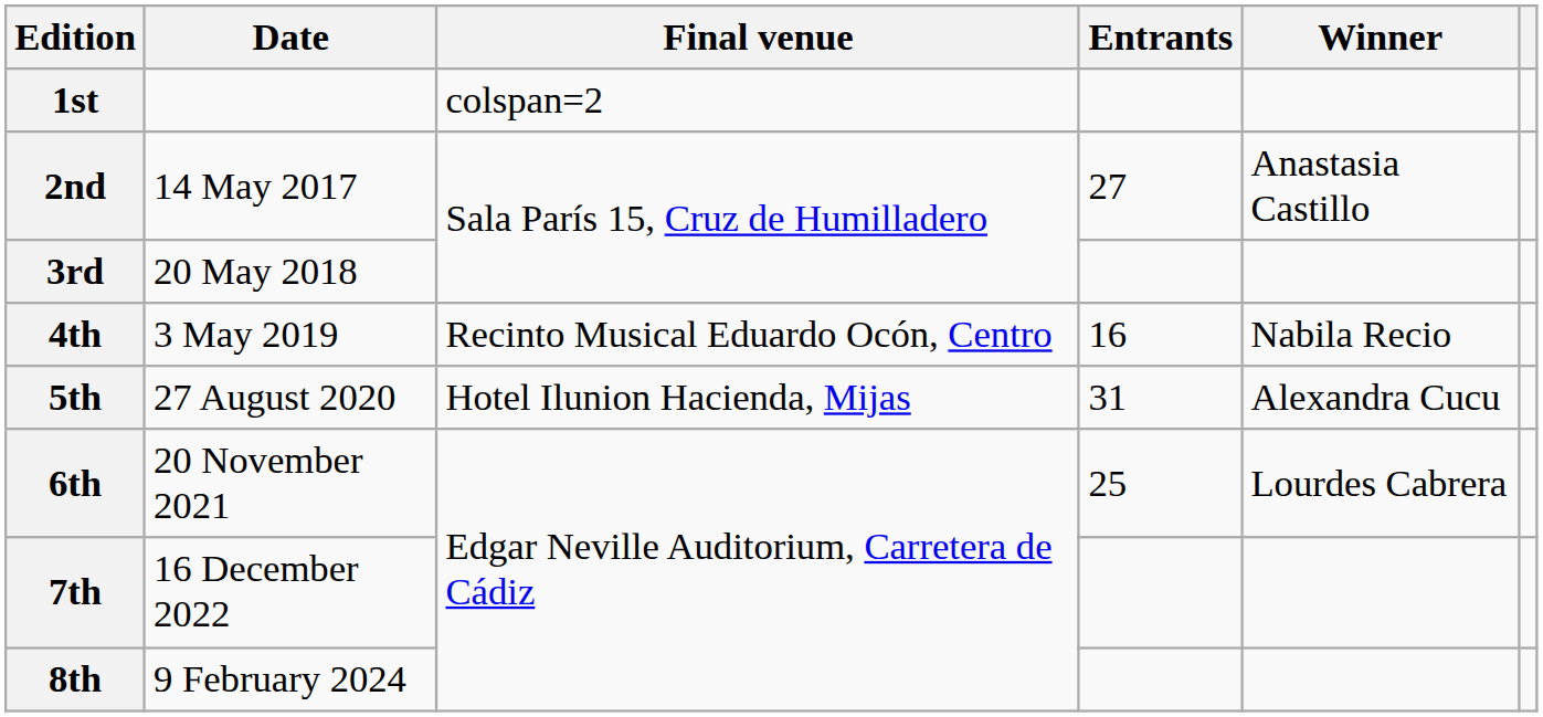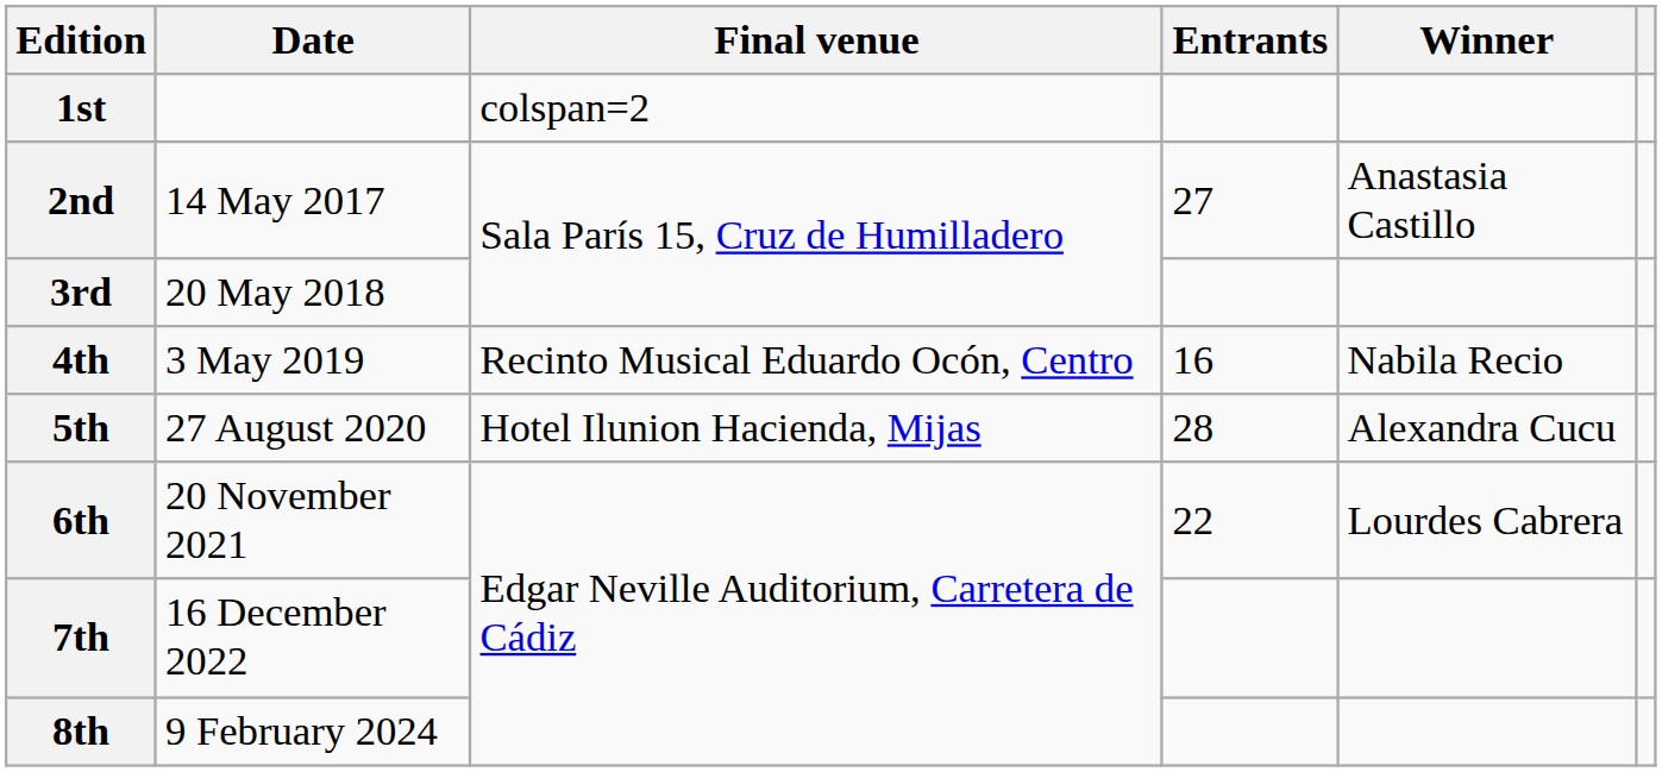 <table class="wikitable defaultcenter col2left col3left col5left" style="font-size:95%;">
 <tr>
 <th>Edition</th>
 <th>Date</th>
 <th>Final venue</th>
 <th>Entrants</th>
 <th>Winner</th>
 <th></th>
 </tr>
 <tr>
 <th>1st</th>
 <td></td>
 <td>colspan=2 </td>
 <td></td>
 <td></td>
 </tr>
 <tr>
 <th>2nd</th>
 <td>14 May 2017</td>
 <td rowspan=2>Sala París 15, <a href='#'>Cruz de Humilladero</a></td>
 <td>27</td>
 <td>Anastasia Castillo</td>
 <td></td>
 </tr>
 <tr>
 <th>3rd</th>
 <td>20 May 2018</td>
 <td></td>
 <td></td>
 <td></td>
 </tr>
 <tr>
 <th>4th</th>
 <td>3 May 2019</td>
 <td>Recinto Musical Eduardo Ocón, <a href='#'>Centro</a></td>
 <td>16</td>
 <td>Nabila Recio</td>
 <td></td>
 </tr>
 <tr>
 <th>5th</th>
 <td>27 August 2020</td>
 <td>Hotel Ilunion Hacienda, <a href='#'>Mijas</a></td>
-<td>31</td>
+<td>28</td>
 <td>Alexandra Cucu</td>
 <td></td>
 </tr>
 <tr>
 <th>6th</th>
 <td>20 November 2021</td>
 <td rowspan=3>Edgar Neville Auditorium, <a href='#'>Carretera de Cádiz</a></td>
-<td>25</td>
+<td>22</td>
 <td>Lourdes Cabrera</td>
 <td></td>
 </tr>
 <tr>
 <th>7th</th>
 <td>16 December 2022</td>
 <td></td>
 <td></td>
 <td></td>
 </tr>
 <tr>
 <th>8th</th>
 <td>9 February 2024</td>
 <td></td>
 <td></td>
 <td></td>
 </tr>
 </table>
